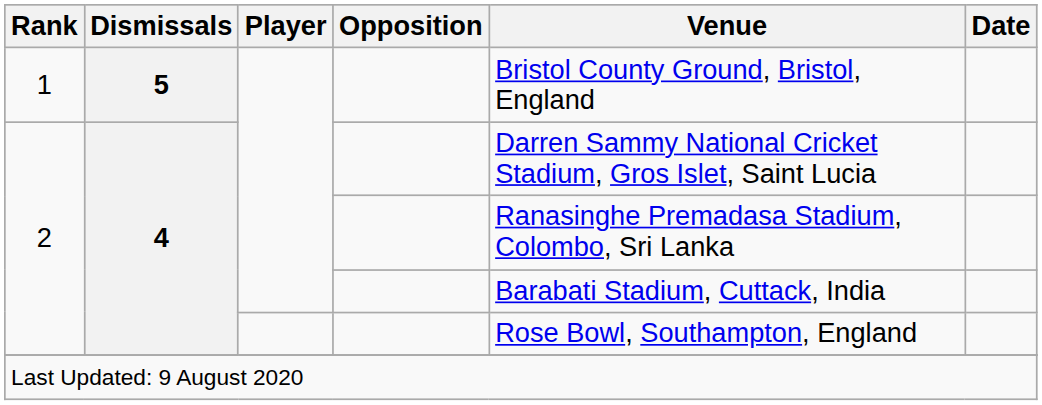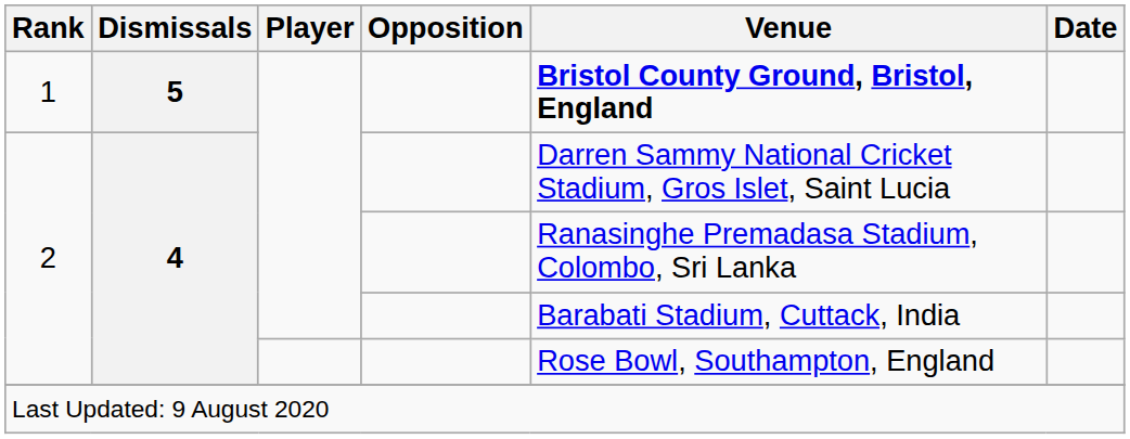 <table class="wikitable sortable">
 <tr>
 <th scope=col>Rank</th>
 <th scope=col>Dismissals</th>
 <th scope=col>Player</th>
 <th scope=col>Opposition</th>
 <th scope=col>Venue</th>
 <th scope=col>Date</th>
 </tr>
 <tr>
 <td align=center>1</td>
 <th scope=row style=text-align:center;>5</th>
 <td rowspan=4></td>
 <td></td>
-<td><a href='#'>Bristol County Ground</a>, <a href='#'>Bristol</a>, England</td>
+<td><strong><a href='#'>Bristol County Ground</a>, <a href='#'>Bristol</a>, England</strong></td>
 <td></td>
 </tr>
 <tr>
 <td align=center rowspan=4>2</td>
 <th scope=row style=text-align:center; rowspan=4>4</th>
 <td></td>
 <td><a href='#'>Darren Sammy National Cricket Stadium</a>, <a href='#'>Gros Islet</a>, Saint Lucia</td>
 <td></td>
 </tr>
 <tr>
 <td></td>
 <td><a href='#'>Ranasinghe Premadasa Stadium</a>, <a href='#'>Colombo</a>, Sri Lanka</td>
 <td></td>
 </tr>
 <tr>
 <td></td>
 <td><a href='#'>Barabati Stadium</a>, <a href='#'>Cuttack</a>, India</td>
 <td></td>
 </tr>
 <tr>
 <td></td>
 <td></td>
 <td><a href='#'>Rose Bowl</a>, <a href='#'>Southampton</a>, England</td>
 <td></td>
 </tr>
 <tr>
 </tr>
 <tr class=sortbottom>
 <td colspan=6><small>Last Updated: 9 August 2020</small></td>
 </tr>
 </table>
